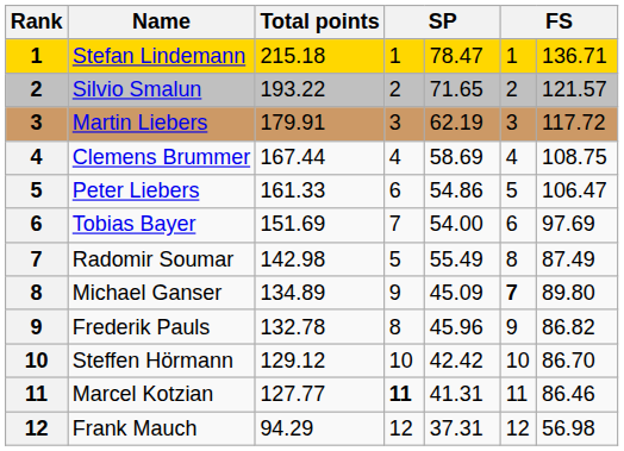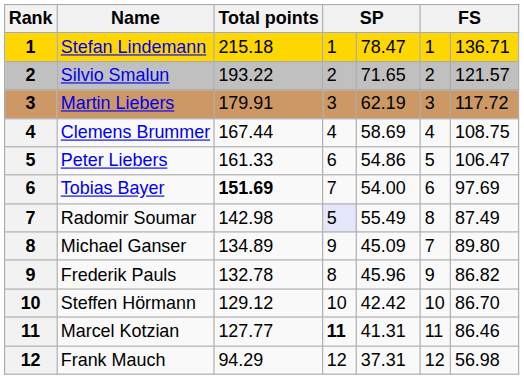 <table class="wikitable">
 <tr>
 <th>Rank</th>
 <th>Name</th>
 <th>Total points</th>
 <th colspan="2" width="80px">SP</th>
 <th colspan="2" width="80px">FS</th>
 </tr>
 <tr bgcolor="gold">
 <td align="center"><strong>1</strong></td>
 <td><a href='#'>Stefan Lindemann</a></td>
 <td>215.18</td>
 <td>1</td>
 <td>78.47</td>
 <td>1</td>
 <td>136.71</td>
 </tr>
 <tr bgcolor="silver">
 <td align="center"><strong>2</strong></td>
 <td><a href='#'>Silvio Smalun</a></td>
 <td>193.22</td>
 <td>2</td>
 <td>71.65</td>
 <td>2</td>
 <td>121.57</td>
 </tr>
 <tr bgcolor="cc9966">
 <td align="center"><strong>3</strong></td>
 <td><a href='#'>Martin Liebers</a></td>
 <td>179.91</td>
 <td>3</td>
 <td>62.19</td>
 <td>3</td>
 <td>117.72</td>
 </tr>
 <tr>
 <th>4</th>
 <td><a href='#'>Clemens Brummer</a></td>
 <td>167.44</td>
 <td>4</td>
 <td>58.69</td>
 <td>4</td>
 <td>108.75</td>
 </tr>
 <tr>
 <th>5</th>
 <td><a href='#'>Peter Liebers</a></td>
 <td>161.33</td>
 <td>6</td>
 <td>54.86</td>
 <td>5</td>
 <td>106.47</td>
 </tr>
 <tr>
 <th>6</th>
 <td><a href='#'>Tobias Bayer</a></td>
-<td>151.69</td>
+<td><strong>151.69</strong></td>
 <td>7</td>
 <td>54.00</td>
 <td>6</td>
 <td>97.69</td>
 </tr>
 <tr>
 <th>7</th>
 <td>Radomir Soumar</td>
 <td>142.98</td>
-<td>5</td>
+<td style="background: lavender;">5</td>
 <td>55.49</td>
 <td>8</td>
 <td>87.49</td>
 </tr>
 <tr>
 <th>8</th>
 <td>Michael Ganser</td>
 <td>134.89</td>
 <td>9</td>
 <td>45.09</td>
-<td><strong>7</strong></td>
+<td>7</td>
 <td>89.80</td>
 </tr>
 <tr>
 <th>9</th>
 <td>Frederik Pauls</td>
 <td>132.78</td>
 <td>8</td>
 <td>45.96</td>
 <td>9</td>
 <td>86.82</td>
 </tr>
 <tr>
 <th>10</th>
 <td>Steffen Hörmann</td>
 <td>129.12</td>
 <td>10</td>
 <td>42.42</td>
 <td>10</td>
 <td>86.70</td>
 </tr>
 <tr>
 <th>11</th>
 <td>Marcel Kotzian</td>
 <td>127.77</td>
 <td><strong>11</strong></td>
 <td>41.31</td>
 <td>11</td>
 <td>86.46</td>
 </tr>
 <tr>
 <th>12</th>
 <td>Frank Mauch</td>
 <td>94.29</td>
 <td>12</td>
 <td>37.31</td>
 <td>12</td>
 <td>56.98</td>
 </tr>
 </table>
